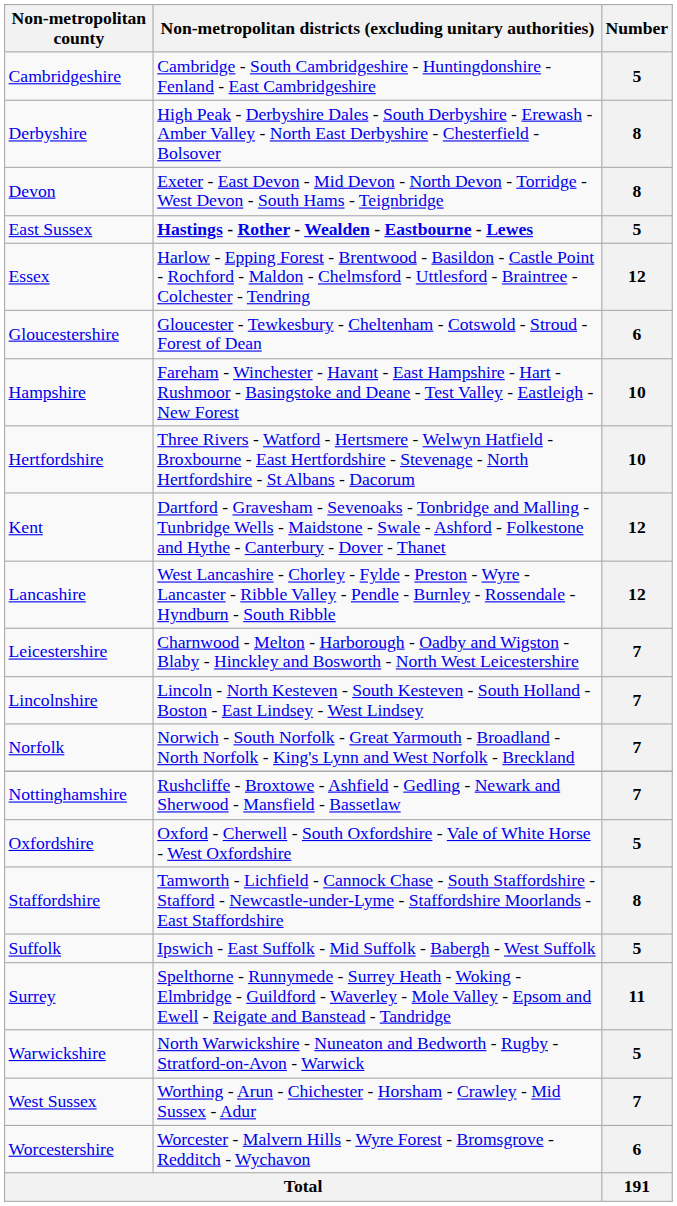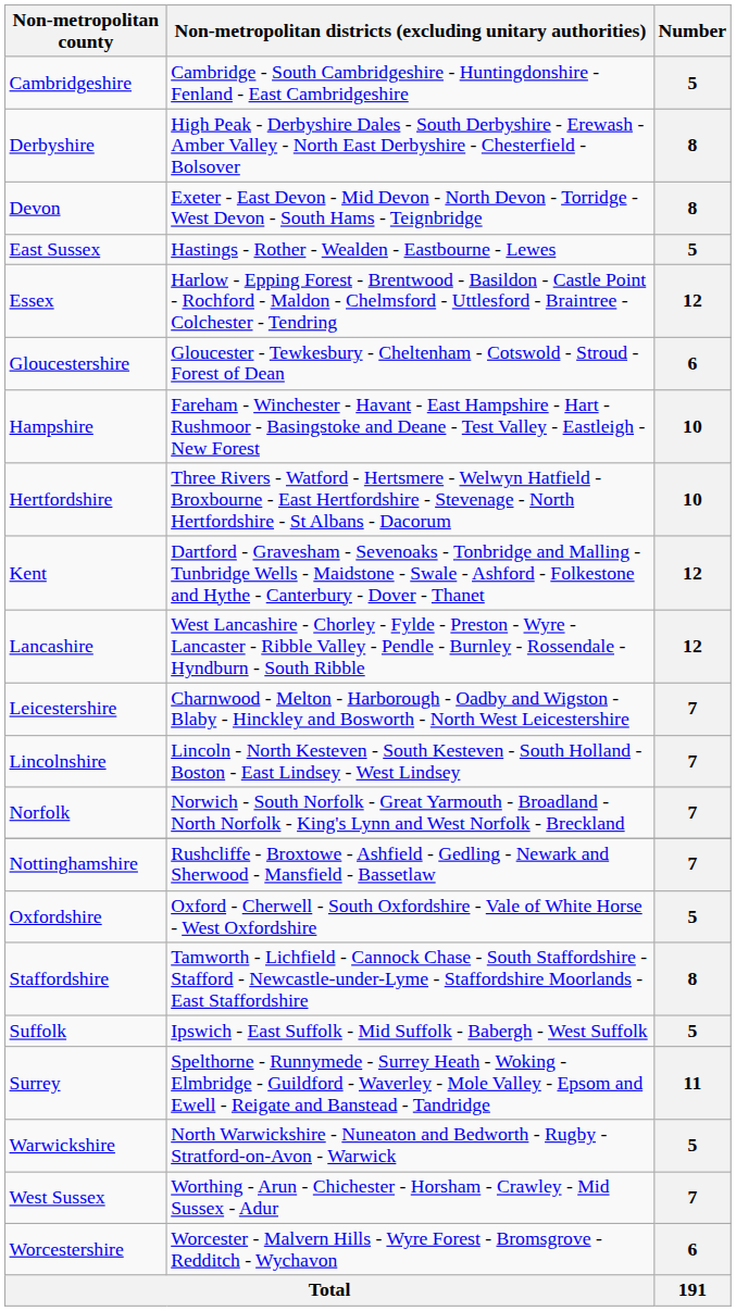 <table class="wikitable">
 <tr>
 <th>Non-metropolitan county</th>
 <th>Non-metropolitan districts (excluding unitary authorities)</th>
 <th>Number</th>
 </tr>
 <tr>
 <td><a href='#'>Cambridgeshire</a></td>
 <td><a href='#'>Cambridge</a> - <a href='#'>South Cambridgeshire</a> - <a href='#'>Huntingdonshire</a> - <a href='#'>Fenland</a> - <a href='#'>East Cambridgeshire</a></td>
 <th>5</th>
 </tr>
 <tr>
 <td><a href='#'>Derbyshire</a></td>
 <td><a href='#'>High Peak</a> - <a href='#'>Derbyshire Dales</a> - <a href='#'>South Derbyshire</a> - <a href='#'>Erewash</a> - <a href='#'>Amber Valley</a> - <a href='#'>North East Derbyshire</a> - <a href='#'>Chesterfield</a> - <a href='#'>Bolsover</a></td>
 <th>8</th>
 </tr>
 <tr>
 <td><a href='#'>Devon</a></td>
 <td><a href='#'>Exeter</a> - <a href='#'>East Devon</a> - <a href='#'>Mid Devon</a> - <a href='#'>North Devon</a> - <a href='#'>Torridge</a> - <a href='#'>West Devon</a> - <a href='#'>South Hams</a> - <a href='#'>Teignbridge</a></td>
 <th>8</th>
 </tr>
 <tr>
 <td><a href='#'>East Sussex</a></td>
-<td><strong><a href='#'>Hastings</a> - <a href='#'>Rother</a> - <a href='#'>Wealden</a> - <a href='#'>Eastbourne</a> - <a href='#'>Lewes</a></strong></td>
+<td><a href='#'>Hastings</a> - <a href='#'>Rother</a> - <a href='#'>Wealden</a> - <a href='#'>Eastbourne</a> - <a href='#'>Lewes</a></td>
 <th>5</th>
 </tr>
 <tr>
 <td><a href='#'>Essex</a></td>
 <td><a href='#'>Harlow</a> - <a href='#'>Epping Forest</a> - <a href='#'>Brentwood</a> - <a href='#'>Basildon</a> - <a href='#'>Castle Point</a> - <a href='#'>Rochford</a> - <a href='#'>Maldon</a> - <a href='#'>Chelmsford</a> - <a href='#'>Uttlesford</a> - <a href='#'>Braintree</a> - <a href='#'>Colchester</a> - <a href='#'>Tendring</a></td>
 <th>12</th>
 </tr>
 <tr>
 <td><a href='#'>Gloucestershire</a></td>
 <td><a href='#'>Gloucester</a> - <a href='#'>Tewkesbury</a> - <a href='#'>Cheltenham</a> - <a href='#'>Cotswold</a> - <a href='#'>Stroud</a> - <a href='#'>Forest of Dean</a></td>
 <th>6</th>
 </tr>
 <tr>
 <td><a href='#'>Hampshire</a></td>
 <td><a href='#'>Fareham</a> - <a href='#'>Winchester</a> - <a href='#'>Havant</a> - <a href='#'>East Hampshire</a> - <a href='#'>Hart</a> - <a href='#'>Rushmoor</a> - <a href='#'>Basingstoke and Deane</a> - <a href='#'>Test Valley</a> - <a href='#'>Eastleigh</a> - <a href='#'>New Forest</a></td>
 <th>10</th>
 </tr>
 <tr>
 <td><a href='#'>Hertfordshire</a></td>
 <td><a href='#'>Three Rivers</a> - <a href='#'>Watford</a> - <a href='#'>Hertsmere</a> - <a href='#'>Welwyn Hatfield</a> - <a href='#'>Broxbourne</a> - <a href='#'>East Hertfordshire</a> - <a href='#'>Stevenage</a> - <a href='#'>North Hertfordshire</a> - <a href='#'>St Albans</a> - <a href='#'>Dacorum</a></td>
 <th>10</th>
 </tr>
 <tr>
 <td><a href='#'>Kent</a></td>
 <td><a href='#'>Dartford</a> - <a href='#'>Gravesham</a> - <a href='#'>Sevenoaks</a> - <a href='#'>Tonbridge and Malling</a> - <a href='#'>Tunbridge Wells</a> - <a href='#'>Maidstone</a> - <a href='#'>Swale</a> - <a href='#'>Ashford</a> - <a href='#'>Folkestone and Hythe</a> - <a href='#'>Canterbury</a> - <a href='#'>Dover</a> - <a href='#'>Thanet</a></td>
 <th>12</th>
 </tr>
 <tr>
 <td><a href='#'>Lancashire</a></td>
 <td><a href='#'>West Lancashire</a> - <a href='#'>Chorley</a> - <a href='#'>Fylde</a> - <a href='#'>Preston</a> - <a href='#'>Wyre</a> - <a href='#'>Lancaster</a> - <a href='#'>Ribble Valley</a> - <a href='#'>Pendle</a> - <a href='#'>Burnley</a> - <a href='#'>Rossendale</a> - <a href='#'>Hyndburn</a> - <a href='#'>South Ribble</a></td>
 <th>12</th>
 </tr>
 <tr>
 <td><a href='#'>Leicestershire</a></td>
 <td><a href='#'>Charnwood</a> - <a href='#'>Melton</a> - <a href='#'>Harborough</a> - <a href='#'>Oadby and Wigston</a> - <a href='#'>Blaby</a> - <a href='#'>Hinckley and Bosworth</a> - <a href='#'>North West Leicestershire</a></td>
 <th>7</th>
 </tr>
 <tr>
 <td><a href='#'>Lincolnshire</a></td>
 <td><a href='#'>Lincoln</a> - <a href='#'>North Kesteven</a> - <a href='#'>South Kesteven</a> - <a href='#'>South Holland</a> - <a href='#'>Boston</a> - <a href='#'>East Lindsey</a> - <a href='#'>West Lindsey</a></td>
 <th>7</th>
 </tr>
 <tr>
 <td><a href='#'>Norfolk</a></td>
 <td><a href='#'>Norwich</a> - <a href='#'>South Norfolk</a> - <a href='#'>Great Yarmouth</a> - <a href='#'>Broadland</a> - <a href='#'>North Norfolk</a> - <a href='#'>King's Lynn and West Norfolk</a> - <a href='#'>Breckland</a></td>
 <th>7</th>
 </tr>
 <tr>
 </tr>
 <tr>
 <td><a href='#'>Nottinghamshire</a></td>
 <td><a href='#'>Rushcliffe</a> - <a href='#'>Broxtowe</a> - <a href='#'>Ashfield</a> - <a href='#'>Gedling</a> - <a href='#'>Newark and Sherwood</a> - <a href='#'>Mansfield</a> - <a href='#'>Bassetlaw</a></td>
 <th>7</th>
 </tr>
 <tr>
 <td><a href='#'>Oxfordshire</a></td>
 <td><a href='#'>Oxford</a> - <a href='#'>Cherwell</a> - <a href='#'>South Oxfordshire</a> - <a href='#'>Vale of White Horse</a> - <a href='#'>West Oxfordshire</a></td>
 <th>5</th>
 </tr>
 <tr>
 <td><a href='#'>Staffordshire</a></td>
 <td><a href='#'>Tamworth</a> - <a href='#'>Lichfield</a> - <a href='#'>Cannock Chase</a> - <a href='#'>South Staffordshire</a> - <a href='#'>Stafford</a> - <a href='#'>Newcastle-under-Lyme</a> - <a href='#'>Staffordshire Moorlands</a> - <a href='#'>East Staffordshire</a></td>
 <th>8</th>
 </tr>
 <tr>
 <td><a href='#'>Suffolk</a></td>
 <td><a href='#'>Ipswich</a> - <a href='#'>East Suffolk</a> - <a href='#'>Mid Suffolk</a> - <a href='#'>Babergh</a> - <a href='#'>West Suffolk</a></td>
 <th>5</th>
 </tr>
 <tr>
 <td><a href='#'>Surrey</a></td>
 <td><a href='#'>Spelthorne</a> - <a href='#'>Runnymede</a> - <a href='#'>Surrey Heath</a> - <a href='#'>Woking</a> - <a href='#'>Elmbridge</a> - <a href='#'>Guildford</a> - <a href='#'>Waverley</a> - <a href='#'>Mole Valley</a> - <a href='#'>Epsom and Ewell</a> - <a href='#'>Reigate and Banstead</a> - <a href='#'>Tandridge</a></td>
 <th>11</th>
 </tr>
 <tr>
 <td><a href='#'>Warwickshire</a></td>
 <td><a href='#'>North Warwickshire</a> - <a href='#'>Nuneaton and Bedworth</a> - <a href='#'>Rugby</a> - <a href='#'>Stratford-on-Avon</a> - <a href='#'>Warwick</a></td>
 <th>5</th>
 </tr>
 <tr>
 <td><a href='#'>West Sussex</a></td>
 <td><a href='#'>Worthing</a> - <a href='#'>Arun</a> - <a href='#'>Chichester</a> - <a href='#'>Horsham</a> - <a href='#'>Crawley</a> - <a href='#'>Mid Sussex</a> - <a href='#'>Adur</a></td>
 <th>7</th>
 </tr>
 <tr>
 <td><a href='#'>Worcestershire</a></td>
 <td><a href='#'>Worcester</a> - <a href='#'>Malvern Hills</a> - <a href='#'>Wyre Forest</a> - <a href='#'>Bromsgrove</a> - <a href='#'>Redditch</a> - <a href='#'>Wychavon</a></td>
 <th>6</th>
 </tr>
 <tr>
 <th colspan="2">Total</th>
 <th>191</th>
 </tr>
 </table>
